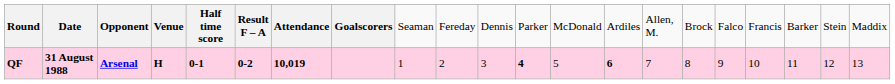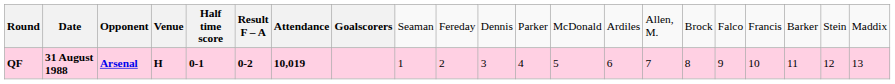 <table class="wikitable">
 <tr>
 <th><strong>Round</strong></th>
 <th><strong>Date</strong></th>
 <th><strong>Opponent</strong></th>
 <th><strong>Venue</strong></th>
 <th><strong>Half time score</strong></th>
 <th><strong>Result</strong><br><strong>F – A</strong></th>
 <th><strong>Attendance</strong></th>
 <th><strong>Goalscorers</strong></th>
 <td>Seaman</td>
 <td>Fereday</td>
 <td>Dennis</td>
 <td>Parker</td>
 <td>McDonald</td>
 <td>Ardiles</td>
 <td>Allen, M.</td>
 <td>Brock</td>
 <td>Falco</td>
 <td>Francis</td>
 <td>Barker</td>
 <td>Stein</td>
 <td>Maddix</td>
 </tr>
 <tr style="background-color: #ffd0e3;">
 <td><strong>QF</strong></td>
 <td><strong>31 August 1988</strong></td>
 <td><strong><a href='#'>Arsenal</a></strong></td>
 <td><strong>H</strong></td>
 <td><strong>0-1</strong></td>
 <td><strong>0-2</strong></td>
 <td><strong>10,019</strong></td>
 <td></td>
 <td>1</td>
 <td>2</td>
 <td>3</td>
-<td><strong>4</strong></td>
+<td>4</td>
 <td>5</td>
-<td><strong>6</strong></td>
+<td>6</td>
 <td>7</td>
 <td>8</td>
 <td>9</td>
 <td>10</td>
 <td>11</td>
 <td>12</td>
 <td>13</td>
 </tr>
 </table>
